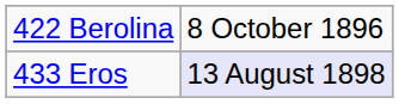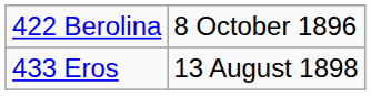 <table class="wikitable" align="right" style="margin: 1em; margin-top: 0; font-size: 0.9em;">
 <tr>
 <td><a href='#'>422 Berolina</a></td>
 <td>8 October 1896</td>
 </tr>
 <tr>
 <td><a href='#'>433 Eros</a></td>
-<td style="background: lavender;">13 August 1898</td>
+<td>13 August 1898</td>
 </tr>
 </table>
